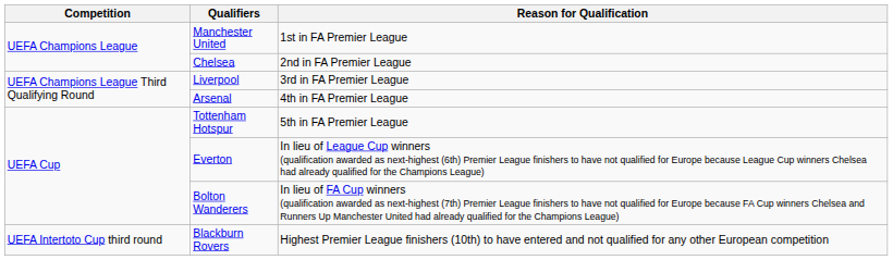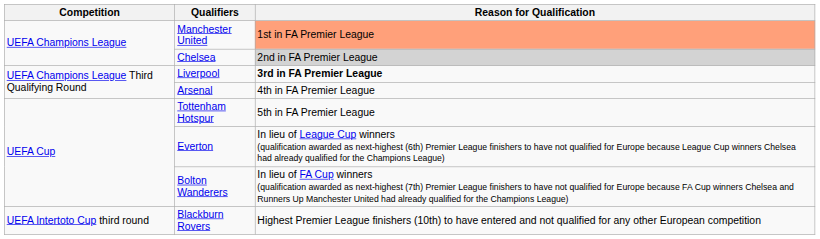 <table class="wikitable">
 <tr>
 <th>Competition</th>
 <th>Qualifiers</th>
 <th>Reason for Qualification</th>
 </tr>
 <tr>
 <td rowspan="2"><a href='#'>UEFA Champions League</a></td>
 <td><a href='#'>Manchester United</a></td>
-<td>1st in FA Premier League</td>
+<td style="background: lightsalmon;">1st in FA Premier League</td>
 </tr>
 <tr>
 <td><a href='#'>Chelsea</a></td>
-<td>2nd in FA Premier League</td>
+<td style="background: lightgrey;">2nd in FA Premier League</td>
 </tr>
 <tr>
 <td rowspan="2"><a href='#'>UEFA Champions League</a> Third Qualifying Round</td>
 <td><a href='#'>Liverpool</a></td>
-<td>3rd in FA Premier League</td>
+<td><strong>3rd in FA Premier League</strong></td>
 </tr>
 <tr>
 <td><a href='#'>Arsenal</a></td>
 <td>4th in FA Premier League</td>
 </tr>
 <tr>
 <td rowspan="3"><a href='#'>UEFA Cup</a></td>
 <td><a href='#'>Tottenham Hotspur</a></td>
 <td>5th in FA Premier League</td>
 </tr>
 <tr>
 <td><a href='#'>Everton</a></td>
 <td>In lieu of <a href='#'>League Cup</a> winners<br><small>(qualification awarded as next-highest (6th) Premier League finishers to have not qualified for Europe because League Cup winners Chelsea had already qualified for the Champions League)</small></td>
 </tr>
 <tr>
 <td><a href='#'>Bolton Wanderers</a></td>
 <td>In lieu of <a href='#'>FA Cup</a> winners<br><small>(qualification awarded as next-highest (7th) Premier League finishers to have not qualified for Europe because FA Cup winners Chelsea and Runners Up Manchester United had already qualified for the Champions League)</small></td>
 </tr>
 <tr>
 <td><a href='#'>UEFA Intertoto Cup</a> third round</td>
 <td><a href='#'>Blackburn Rovers</a></td>
 <td>Highest Premier League finishers (10th) to have entered and not qualified for any other European competition</td>
 </tr>
 </table>
